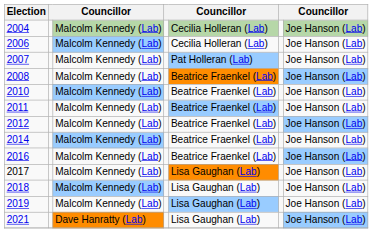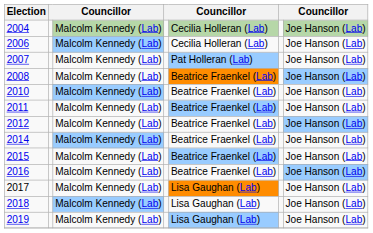 <table class="wikitable">
 <tr>
 <th>Election</th>
 <th colspan="2">Councillor</th>
 <th colspan="2">Councillor</th>
 <th colspan="2">Councillor</th>
 </tr>
 <tr>
 <td><a href='#'>2004</a></td>
 <td style="background-color: "></td>
 <td bgcolor="#B6D7A8">Malcolm Kennedy (<a href='#'>Lab</a>)</td>
 <td style="background-color: "></td>
 <td bgcolor="#B6D7A8">Cecilia Holleran (<a href='#'>Lab</a>)</td>
 <td style="background-color: "></td>
 <td bgcolor="#B6D7A8">Joe Hanson (<a href='#'>Lab</a>)</td>
 </tr>
 <tr>
 <td><a href='#'>2006</a></td>
 <td style="background-color: "></td>
 <td bgcolor="#99CCFF">Malcolm Kennedy (<a href='#'>Lab</a>)</td>
 <td style="background-color: "></td>
 <td>Cecilia Holleran (<a href='#'>Lab</a>)</td>
 <td style="background-color: "></td>
 <td>Joe Hanson (<a href='#'>Lab</a>)</td>
 </tr>
 <tr>
 <td><a href='#'>2007</a></td>
 <td style="background-color: "></td>
 <td>Malcolm Kennedy (<a href='#'>Lab</a>)</td>
 <td style="background-color: "></td>
 <td bgcolor="#99CCFF">Pat Holleran (<a href='#'>Lab</a>)</td>
 <td style="background-color: "></td>
 <td>Joe Hanson (<a href='#'>Lab</a>)</td>
 </tr>
 <tr>
 <td><a href='#'>2008</a></td>
 <td style="background-color: "></td>
 <td>Malcolm Kennedy (<a href='#'>Lab</a>)</td>
 <td style="background-color: "></td>
 <td bgcolor="#FF8C00">Beatrice Fraenkel (<a href='#'>Lab</a>)</td>
 <td style="background-color: "></td>
 <td bgcolor="#99CCFF">Joe Hanson (<a href='#'>Lab</a>)</td>
 </tr>
 <tr>
 <td><a href='#'>2010</a></td>
 <td style="background-color: "></td>
 <td bgcolor="#99CCFF">Malcolm Kennedy (<a href='#'>Lab</a>)</td>
 <td style="background-color: "></td>
 <td>Beatrice Fraenkel (<a href='#'>Lab</a>)</td>
 <td style="background-color: "></td>
 <td>Joe Hanson (<a href='#'>Lab</a>)</td>
 </tr>
 <tr>
 <td><a href='#'>2011</a></td>
 <td style="background-color: "></td>
 <td>Malcolm Kennedy (<a href='#'>Lab</a>)</td>
 <td style="background-color: "></td>
 <td bgcolor="#99CCFF">Beatrice Fraenkel (<a href='#'>Lab</a>)</td>
 <td style="background-color: "></td>
 <td>Joe Hanson (<a href='#'>Lab</a>)</td>
 </tr>
 <tr>
 <td><a href='#'>2012</a></td>
 <td style="background-color: "></td>
 <td>Malcolm Kennedy (<a href='#'>Lab</a>)</td>
 <td style="background-color: "></td>
 <td>Beatrice Fraenkel (<a href='#'>Lab</a>)</td>
 <td style="background-color: "></td>
 <td bgcolor="#99CCFF">Joe Hanson (<a href='#'>Lab</a>)</td>
 </tr>
 <tr>
 <td><a href='#'>2014</a></td>
 <td style="background-color: "></td>
 <td bgcolor="#99CCFF">Malcolm Kennedy (<a href='#'>Lab</a>)</td>
 <td style="background-color: "></td>
 <td>Beatrice Fraenkel (<a href='#'>Lab</a>)</td>
 <td style="background-color: "></td>
 <td>Joe Hanson (<a href='#'>Lab</a>)</td>
 </tr>
 <tr>
+<td><a href='#'>2015</a></td>
+<td style="background-color: "></td>
+<td>Malcolm Kennedy (<a href='#'>Lab</a>)</td>
+<td style="background-color: "></td>
+<td bgcolor="#99CCFF">Beatrice Fraenkel (<a href='#'>Lab</a>)</td>
+<td style="background-color: "></td>
+<td>Joe Hanson (<a href='#'>Lab</a>)</td>
+</tr>
+<tr>
 <td><a href='#'>2016</a></td>
 <td style="background-color: "></td>
 <td>Malcolm Kennedy (<a href='#'>Lab</a>)</td>
 <td style="background-color: "></td>
 <td>Beatrice Fraenkel (<a href='#'>Lab</a>)</td>
 <td style="background-color: "></td>
 <td bgcolor="#99CCFF">Joe Hanson (<a href='#'>Lab</a>)</td>
 </tr>
 <tr>
 <td>2017</td>
 <td style="background-color: "></td>
 <td>Malcolm Kennedy (<a href='#'>Lab</a>)</td>
 <td style="background-color: "></td>
 <td bgcolor="#FF8C00">Lisa Gaughan (<a href='#'>Lab</a>)</td>
 <td style="background-color: "></td>
 <td>Joe Hanson (<a href='#'>Lab</a>)</td>
 </tr>
 <tr>
 <td><a href='#'>2018</a></td>
 <td style="background-color: "></td>
 <td bgcolor="#99CCFF">Malcolm Kennedy (<a href='#'>Lab</a>)</td>
 <td style="background-color: "></td>
 <td>Lisa Gaughan (<a href='#'>Lab</a>)</td>
 <td style="background-color: "></td>
 <td>Joe Hanson (<a href='#'>Lab</a>)</td>
 </tr>
 <tr>
 <td><a href='#'>2019</a></td>
 <td style="background-color: "></td>
 <td>Malcolm Kennedy (<a href='#'>Lab</a>)</td>
 <td style="background-color: "></td>
 <td bgcolor="#99CCFF">Lisa Gaughan (<a href='#'>Lab</a>)</td>
 <td style="background-color: "></td>
 <td>Joe Hanson (<a href='#'>Lab</a>)</td>
 </tr>
 <tr>
-<td><a href='#'>2021</a></td>
-<td style="background-color: "></td>
-<td bgcolor="#FF8C00">Dave Hanratty (<a href='#'>Lab</a>)</td>
-<td style="background-color: "></td>
-<td>Lisa Gaughan (<a href='#'>Lab</a>)</td>
-<td style="background-color: "></td>
-<td bgcolor="#99CCFF">Joe Hanson (<a href='#'>Lab</a>)</td>
-</tr>
-<tr>
 </tr>
 </table>
